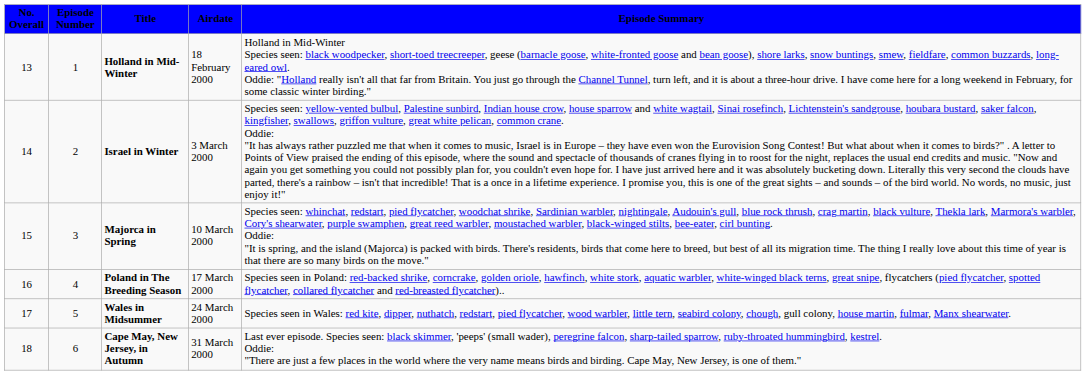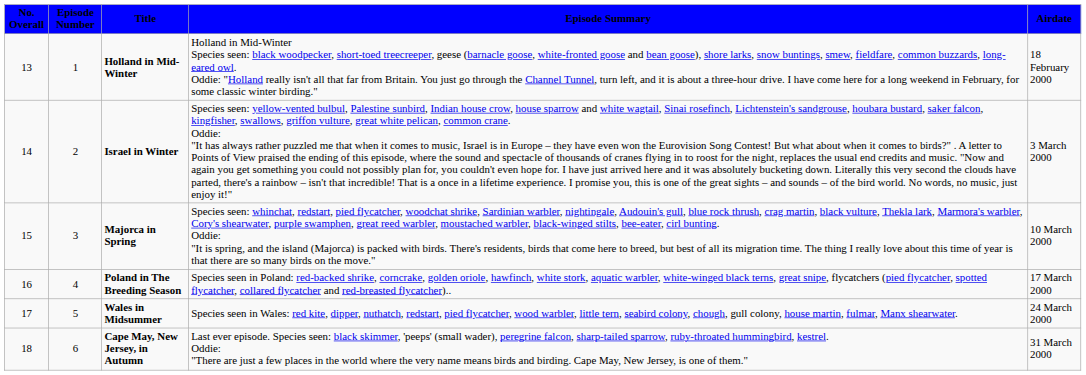 <table width="100%" class="wikitable">
 <tr style="background:blue; text-align:center;">
 <td><strong>No. Overall</strong></td>
 <td><strong>Episode Number</strong></td>
 <td><strong>Title</strong></td>
+<td><strong>Episode Summary</strong></td>
 <td><strong>Airdate</strong></td>
-<td><strong>Episode Summary</strong></td>
 </tr>
 <tr>
 <td style="text-align:center;">13</td>
 <td style="text-align:center;">1</td>
 <td><strong>Holland in Mid-Winter</strong></td>
+<td>Holland in Mid-Winter<br>Species seen: <a href='#'>black woodpecker</a>, <a href='#'>short-toed treecreeper</a>, geese (<a href='#'>barnacle goose</a>, <a href='#'>white-fronted goose</a> and <a href='#'>bean goose</a>), <a href='#'>shore larks</a>, <a href='#'>snow buntings</a>, <a href='#'>smew</a>, <a href='#'>fieldfare</a>, <a href='#'>common buzzards</a>, <a href='#'>long-eared owl</a>.<br>Oddie: "<a href='#'>Holland</a> really isn't all that far from Britain. You just go through the <a href='#'>Channel Tunnel</a>, turn left, and it is about a three-hour drive. I have come here for a long weekend in February, for some classic winter birding."</td>
 <td>18 February 2000</td>
-<td>Holland in Mid-Winter<br>Species seen: <a href='#'>black woodpecker</a>, <a href='#'>short-toed treecreeper</a>, geese (<a href='#'>barnacle goose</a>, <a href='#'>white-fronted goose</a> and <a href='#'>bean goose</a>), <a href='#'>shore larks</a>, <a href='#'>snow buntings</a>, <a href='#'>smew</a>, <a href='#'>fieldfare</a>, <a href='#'>common buzzards</a>, <a href='#'>long-eared owl</a>.<br>Oddie: "<a href='#'>Holland</a> really isn't all that far from Britain. You just go through the <a href='#'>Channel Tunnel</a>, turn left, and it is about a three-hour drive. I have come here for a long weekend in February, for some classic winter birding."</td>
 </tr>
 <tr>
 <td style="text-align:center;">14</td>
 <td style="text-align:center;">2</td>
 <td><strong>Israel in Winter</strong></td>
+<td>Species seen: <a href='#'>yellow-vented bulbul</a>, <a href='#'>Palestine sunbird</a>, <a href='#'>Indian house crow</a>, <a href='#'>house sparrow</a> and <a href='#'>white wagtail</a>, <a href='#'>Sinai rosefinch</a>, <a href='#'>Lichtenstein's sandgrouse</a>, <a href='#'>houbara bustard</a>, <a href='#'>saker falcon</a>, <a href='#'>kingfisher</a>, <a href='#'>swallows</a>, <a href='#'>griffon vulture</a>, <a href='#'>great white pelican</a>, <a href='#'>common crane</a>.<br>Oddie:<br>"It has always rather puzzled me that when it comes to music, Israel is in Europe – they have even won the Eurovision Song Contest! But what about when it comes to birds?" . A letter to Points of View praised the ending of this episode, where the sound and spectacle of thousands of cranes flying in to roost for the night, replaces the usual end credits and music. "Now and again you get something you could not possibly plan for, you couldn't even hope for. I have just arrived here and it was absolutely bucketing down. Literally this very second the clouds have parted, there's a rainbow – isn't that incredible! That is a once in a lifetime experience. I promise you, this is one of the great sights – and sounds – of the bird world. No words, no music, just enjoy it!"</td>
 <td>3 March 2000</td>
-<td>Species seen: <a href='#'>yellow-vented bulbul</a>, <a href='#'>Palestine sunbird</a>, <a href='#'>Indian house crow</a>, <a href='#'>house sparrow</a> and <a href='#'>white wagtail</a>, <a href='#'>Sinai rosefinch</a>, <a href='#'>Lichtenstein's sandgrouse</a>, <a href='#'>houbara bustard</a>, <a href='#'>saker falcon</a>, <a href='#'>kingfisher</a>, <a href='#'>swallows</a>, <a href='#'>griffon vulture</a>, <a href='#'>great white pelican</a>, <a href='#'>common crane</a>.<br>Oddie:<br>"It has always rather puzzled me that when it comes to music, Israel is in Europe – they have even won the Eurovision Song Contest! But what about when it comes to birds?" . A letter to Points of View praised the ending of this episode, where the sound and spectacle of thousands of cranes flying in to roost for the night, replaces the usual end credits and music. "Now and again you get something you could not possibly plan for, you couldn't even hope for. I have just arrived here and it was absolutely bucketing down. Literally this very second the clouds have parted, there's a rainbow – isn't that incredible! That is a once in a lifetime experience. I promise you, this is one of the great sights – and sounds – of the bird world. No words, no music, just enjoy it!"</td>
 </tr>
 <tr>
 <td style="text-align:center;">15</td>
 <td style="text-align:center;">3</td>
 <td><strong>Majorca in Spring</strong></td>
+<td>Species seen: <a href='#'>whinchat</a>, <a href='#'>redstart</a>, <a href='#'>pied flycatcher</a>, <a href='#'>woodchat shrike</a>, <a href='#'>Sardinian warbler</a>, <a href='#'>nightingale</a>, <a href='#'>Audouin's gull</a>, <a href='#'>blue rock thrush</a>, <a href='#'>crag martin</a>, <a href='#'>black vulture</a>, <a href='#'>Thekla lark</a>, <a href='#'>Marmora's warbler</a>, <a href='#'>Cory's shearwater</a>, <a href='#'>purple swamphen</a>, <a href='#'>great reed warbler</a>, <a href='#'>moustached warbler</a>, <a href='#'>black-winged stilts</a>, <a href='#'>bee-eater</a>, <a href='#'>cirl bunting</a>.<br>Oddie:<br>"It is spring, and the island (Majorca) is packed with birds. There's residents, birds that come here to breed, but best of all its migration time. The thing I really love about this time of year is that there are so many birds on the move."</td>
 <td>10 March 2000</td>
-<td>Species seen: <a href='#'>whinchat</a>, <a href='#'>redstart</a>, <a href='#'>pied flycatcher</a>, <a href='#'>woodchat shrike</a>, <a href='#'>Sardinian warbler</a>, <a href='#'>nightingale</a>, <a href='#'>Audouin's gull</a>, <a href='#'>blue rock thrush</a>, <a href='#'>crag martin</a>, <a href='#'>black vulture</a>, <a href='#'>Thekla lark</a>, <a href='#'>Marmora's warbler</a>, <a href='#'>Cory's shearwater</a>, <a href='#'>purple swamphen</a>, <a href='#'>great reed warbler</a>, <a href='#'>moustached warbler</a>, <a href='#'>black-winged stilts</a>, <a href='#'>bee-eater</a>, <a href='#'>cirl bunting</a>.<br>Oddie:<br>"It is spring, and the island (Majorca) is packed with birds. There's residents, birds that come here to breed, but best of all its migration time. The thing I really love about this time of year is that there are so many birds on the move."</td>
 </tr>
 <tr>
 <td style="text-align:center;">16</td>
 <td style="text-align:center;">4</td>
 <td><strong>Poland in The Breeding Season</strong></td>
+<td>Species seen in Poland: <a href='#'>red-backed shrike</a>, <a href='#'>corncrake</a>, <a href='#'>golden oriole</a>, <a href='#'>hawfinch</a>, <a href='#'>white stork</a>, <a href='#'>aquatic warbler</a>, <a href='#'>white-winged black terns</a>, <a href='#'>great snipe</a>, flycatchers (<a href='#'>pied flycatcher</a>, <a href='#'>spotted flycatcher</a>, <a href='#'>collared flycatcher</a> and <a href='#'>red-breasted flycatcher</a>)..</td>
 <td>17 March 2000</td>
-<td>Species seen in Poland: <a href='#'>red-backed shrike</a>, <a href='#'>corncrake</a>, <a href='#'>golden oriole</a>, <a href='#'>hawfinch</a>, <a href='#'>white stork</a>, <a href='#'>aquatic warbler</a>, <a href='#'>white-winged black terns</a>, <a href='#'>great snipe</a>, flycatchers (<a href='#'>pied flycatcher</a>, <a href='#'>spotted flycatcher</a>, <a href='#'>collared flycatcher</a> and <a href='#'>red-breasted flycatcher</a>)..</td>
 </tr>
 <tr>
 <td style="text-align:center;">17</td>
 <td style="text-align:center;">5</td>
 <td><strong>Wales in Midsummer</strong></td>
+<td>Species seen in Wales: <a href='#'>red kite</a>, <a href='#'>dipper</a>, <a href='#'>nuthatch</a>, <a href='#'>redstart</a>, <a href='#'>pied flycatcher</a>, <a href='#'>wood warbler</a>, <a href='#'>little tern</a>, <a href='#'>seabird colony</a>, <a href='#'>chough</a>, gull colony, <a href='#'>house martin</a>, <a href='#'>fulmar</a>, <a href='#'>Manx shearwater</a>.</td>
 <td>24 March 2000</td>
-<td>Species seen in Wales: <a href='#'>red kite</a>, <a href='#'>dipper</a>, <a href='#'>nuthatch</a>, <a href='#'>redstart</a>, <a href='#'>pied flycatcher</a>, <a href='#'>wood warbler</a>, <a href='#'>little tern</a>, <a href='#'>seabird colony</a>, <a href='#'>chough</a>, gull colony, <a href='#'>house martin</a>, <a href='#'>fulmar</a>, <a href='#'>Manx shearwater</a>.</td>
 </tr>
 <tr>
 <td style="text-align:center;">18</td>
 <td style="text-align:center;">6</td>
 <td><strong>Cape May, New Jersey, in Autumn</strong></td>
+<td>Last ever episode. Species seen: <a href='#'>black skimmer</a>, 'peeps' (small wader), <a href='#'>peregrine falcon</a>, <a href='#'>sharp-tailed sparrow</a>, <a href='#'>ruby-throated hummingbird</a>, <a href='#'>kestrel</a>.<br>Oddie:<br>"There are just a few places in the world where the very name means birds and birding. Cape May, New Jersey, is one of them."</td>
 <td>31 March 2000</td>
-<td>Last ever episode. Species seen: <a href='#'>black skimmer</a>, 'peeps' (small wader), <a href='#'>peregrine falcon</a>, <a href='#'>sharp-tailed sparrow</a>, <a href='#'>ruby-throated hummingbird</a>, <a href='#'>kestrel</a>.<br>Oddie:<br>"There are just a few places in the world where the very name means birds and birding. Cape May, New Jersey, is one of them."</td>
 </tr>
 </table>
